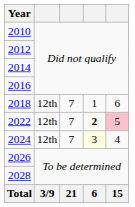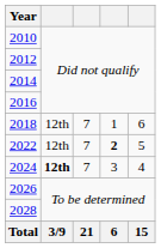 <table class="wikitable" style="text-align:center">
 <tr>
 <th>Year</th>
 <th></th>
 <th width=25></th>
 <th width=25></th>
 <th width=25></th>
 </tr>
 <tr>
 <td> <a href='#'>2010</a></td>
 <td colspan=4 rowspan=4><em>Did not qualify</em></td>
 </tr>
 <tr>
 <td> <a href='#'>2012</a></td>
 </tr>
 <tr>
 <td> <a href='#'>2014</a></td>
 </tr>
 <tr>
 <td> <a href='#'>2016</a></td>
 </tr>
 <tr>
 <td> <a href='#'>2018</a></td>
 <td>12th</td>
 <td>7</td>
 <td>1</td>
 <td>6</td>
 </tr>
 <tr>
 <td> <a href='#'>2022</a></td>
 <td>12th</td>
 <td>7</td>
 <td><strong>2</strong></td>
-<td style="background: pink;">5</td>
+<td>5</td>
 </tr>
 <tr>
 <td> <a href='#'>2024</a></td>
-<td>12th</td>
+<td><strong>12th</strong></td>
 <td>7</td>
-<td style="background: lightyellow;">3</td>
+<td>3</td>
 <td>4</td>
 </tr>
 <tr>
 <td> <a href='#'>2026</a></td>
 <td colspan=4 rowspan=2><em>To be determined</em></td>
 </tr>
 <tr>
 <td> <a href='#'>2028</a></td>
 </tr>
 <tr>
 <th>Total</th>
 <th>3/9</th>
 <th>21</th>
 <th>6</th>
 <th>15</th>
 </tr>
 </table>
